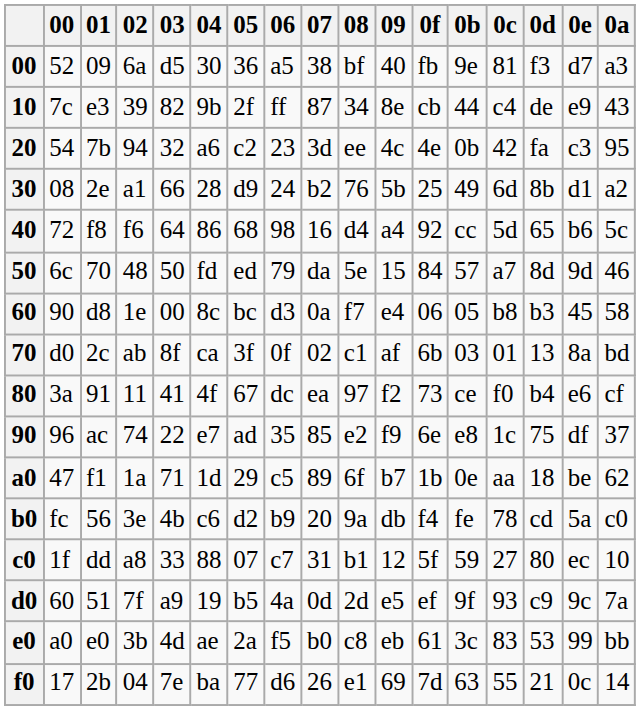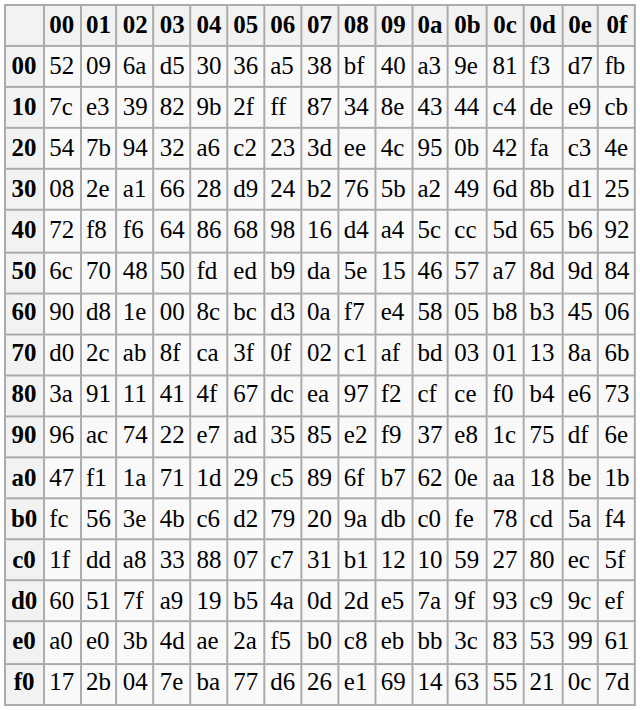 <table class="wikitable floatright" style="font-size:80%">
 <tr>
 <th></th>
 <th>00</th>
 <th>01</th>
 <th>02</th>
 <th>03</th>
 <th>04</th>
 <th>05</th>
 <th>06</th>
 <th>07</th>
 <th>08</th>
 <th>09</th>
-<th>0f</th>
+<th>0a</th>
 <th>0b</th>
 <th>0c</th>
 <th>0d</th>
 <th>0e</th>
-<th>0a</th>
+<th>0f</th>
 </tr>
 <tr>
 <th>00</th>
 <td>52</td>
 <td>09</td>
 <td>6a</td>
 <td>d5</td>
 <td>30</td>
 <td>36</td>
 <td>a5</td>
 <td>38</td>
 <td>bf</td>
 <td>40</td>
-<td>fb</td>
+<td>a3</td>
 <td>9e</td>
 <td>81</td>
 <td>f3</td>
 <td>d7</td>
-<td>a3</td>
+<td>fb</td>
 </tr>
 <tr>
 <th>10</th>
 <td>7c</td>
 <td>e3</td>
 <td>39</td>
 <td>82</td>
 <td>9b</td>
 <td>2f</td>
 <td>ff</td>
 <td>87</td>
 <td>34</td>
 <td>8e</td>
-<td>cb</td>
+<td>43</td>
 <td>44</td>
 <td>c4</td>
 <td>de</td>
 <td>e9</td>
-<td>43</td>
+<td>cb</td>
 </tr>
 <tr>
 <th>20</th>
 <td>54</td>
 <td>7b</td>
 <td>94</td>
 <td>32</td>
 <td>a6</td>
 <td>c2</td>
 <td>23</td>
 <td>3d</td>
 <td>ee</td>
 <td>4c</td>
-<td>4e</td>
+<td>95</td>
 <td>0b</td>
 <td>42</td>
 <td>fa</td>
 <td>c3</td>
-<td>95</td>
+<td>4e</td>
 </tr>
 <tr>
 <th>30</th>
 <td>08</td>
 <td>2e</td>
 <td>a1</td>
 <td>66</td>
 <td>28</td>
 <td>d9</td>
 <td>24</td>
 <td>b2</td>
 <td>76</td>
 <td>5b</td>
-<td>25</td>
+<td>a2</td>
 <td>49</td>
 <td>6d</td>
 <td>8b</td>
 <td>d1</td>
-<td>a2</td>
+<td>25</td>
 </tr>
 <tr>
 <th>40</th>
 <td>72</td>
 <td>f8</td>
 <td>f6</td>
 <td>64</td>
 <td>86</td>
 <td>68</td>
 <td>98</td>
 <td>16</td>
 <td>d4</td>
 <td>a4</td>
-<td>92</td>
+<td>5c</td>
 <td>cc</td>
 <td>5d</td>
 <td>65</td>
 <td>b6</td>
-<td>5c</td>
+<td>92</td>
 </tr>
 <tr>
 <th>50</th>
 <td>6c</td>
 <td>70</td>
 <td>48</td>
 <td>50</td>
 <td>fd</td>
 <td>ed</td>
-<td>79</td>
+<td>b9</td>
 <td>da</td>
 <td>5e</td>
 <td>15</td>
-<td>84</td>
+<td>46</td>
 <td>57</td>
 <td>a7</td>
 <td>8d</td>
 <td>9d</td>
-<td>46</td>
+<td>84</td>
 </tr>
 <tr>
 <th>60</th>
 <td>90</td>
 <td>d8</td>
 <td>1e</td>
 <td>00</td>
 <td>8c</td>
 <td>bc</td>
 <td>d3</td>
 <td>0a</td>
 <td>f7</td>
 <td>e4</td>
-<td>06</td>
+<td>58</td>
 <td>05</td>
 <td>b8</td>
 <td>b3</td>
 <td>45</td>
-<td>58</td>
+<td>06</td>
 </tr>
 <tr>
 <th>70</th>
 <td>d0</td>
 <td>2c</td>
 <td>ab</td>
 <td>8f</td>
 <td>ca</td>
 <td>3f</td>
 <td>0f</td>
 <td>02</td>
 <td>c1</td>
 <td>af</td>
-<td>6b</td>
+<td>bd</td>
 <td>03</td>
 <td>01</td>
 <td>13</td>
 <td>8a</td>
-<td>bd</td>
+<td>6b</td>
 </tr>
 <tr>
 <th>80</th>
 <td>3a</td>
 <td>91</td>
 <td>11</td>
 <td>41</td>
 <td>4f</td>
 <td>67</td>
 <td>dc</td>
 <td>ea</td>
 <td>97</td>
 <td>f2</td>
-<td>73</td>
+<td>cf</td>
 <td>ce</td>
 <td>f0</td>
 <td>b4</td>
 <td>e6</td>
-<td>cf</td>
+<td>73</td>
 </tr>
 <tr>
 <th>90</th>
 <td>96</td>
 <td>ac</td>
 <td>74</td>
 <td>22</td>
 <td>e7</td>
 <td>ad</td>
 <td>35</td>
 <td>85</td>
 <td>e2</td>
 <td>f9</td>
-<td>6e</td>
+<td>37</td>
 <td>e8</td>
 <td>1c</td>
 <td>75</td>
 <td>df</td>
-<td>37</td>
+<td>6e</td>
 </tr>
 <tr>
 <th>a0</th>
 <td>47</td>
 <td>f1</td>
 <td>1a</td>
 <td>71</td>
 <td>1d</td>
 <td>29</td>
 <td>c5</td>
 <td>89</td>
 <td>6f</td>
 <td>b7</td>
-<td>1b</td>
+<td>62</td>
 <td>0e</td>
 <td>aa</td>
 <td>18</td>
 <td>be</td>
-<td>62</td>
+<td>1b</td>
 </tr>
 <tr>
 <th>b0</th>
 <td>fc</td>
 <td>56</td>
 <td>3e</td>
 <td>4b</td>
 <td>c6</td>
 <td>d2</td>
-<td>b9</td>
+<td>79</td>
 <td>20</td>
 <td>9a</td>
 <td>db</td>
-<td>f4</td>
+<td>c0</td>
 <td>fe</td>
 <td>78</td>
 <td>cd</td>
 <td>5a</td>
-<td>c0</td>
+<td>f4</td>
 </tr>
 <tr>
 <th>c0</th>
 <td>1f</td>
 <td>dd</td>
 <td>a8</td>
 <td>33</td>
 <td>88</td>
 <td>07</td>
 <td>c7</td>
 <td>31</td>
 <td>b1</td>
 <td>12</td>
-<td>5f</td>
+<td>10</td>
 <td>59</td>
 <td>27</td>
 <td>80</td>
 <td>ec</td>
-<td>10</td>
+<td>5f</td>
 </tr>
 <tr>
 <th>d0</th>
 <td>60</td>
 <td>51</td>
 <td>7f</td>
 <td>a9</td>
 <td>19</td>
 <td>b5</td>
 <td>4a</td>
 <td>0d</td>
 <td>2d</td>
 <td>e5</td>
-<td>ef</td>
+<td>7a</td>
 <td>9f</td>
 <td>93</td>
 <td>c9</td>
 <td>9c</td>
-<td>7a</td>
+<td>ef</td>
 </tr>
 <tr>
 <th>e0</th>
 <td>a0</td>
 <td>e0</td>
 <td>3b</td>
 <td>4d</td>
 <td>ae</td>
 <td>2a</td>
 <td>f5</td>
 <td>b0</td>
 <td>c8</td>
 <td>eb</td>
-<td>61</td>
+<td>bb</td>
 <td>3c</td>
 <td>83</td>
 <td>53</td>
 <td>99</td>
-<td>bb</td>
+<td>61</td>
 </tr>
 <tr>
 <th>f0</th>
 <td>17</td>
 <td>2b</td>
 <td>04</td>
 <td>7e</td>
 <td>ba</td>
 <td>77</td>
 <td>d6</td>
 <td>26</td>
 <td>e1</td>
 <td>69</td>
-<td>7d</td>
+<td>14</td>
 <td>63</td>
 <td>55</td>
 <td>21</td>
 <td>0c</td>
-<td>14</td>
+<td>7d</td>
 </tr>
 </table>
